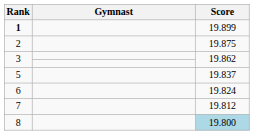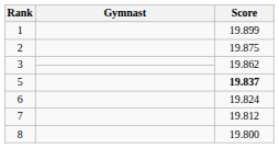 <table class="wikitable" style="text-align:center">
 <tr>
 <th>Rank</th>
 <th style="width:16em">Gymnast</th>
 <th style="width:5em">Score</th>
 </tr>
 <tr>
-<td><strong>1</strong></td>
+<td>1</td>
 <td align=left></td>
 <td>19.899</td>
 </tr>
 <tr>
 <td>2</td>
 <td align=left></td>
 <td>19.875</td>
 </tr>
 <tr>
 <td rowspan=2>3</td>
 <td align=left></td>
 <td rowspan=2>19.862</td>
 </tr>
 <tr>
 <td align=left></td>
 </tr>
 <tr>
 <td>5</td>
 <td align=left></td>
-<td>19.837</td>
+<td><strong>19.837</strong></td>
 </tr>
 <tr>
 <td>6</td>
 <td align=left></td>
 <td>19.824</td>
 </tr>
 <tr>
 <td>7</td>
 <td align=left></td>
 <td>19.812</td>
 </tr>
 <tr>
 <td>8</td>
 <td align=left></td>
-<td style="background: lightblue;">19.800</td>
+<td>19.800</td>
 </tr>
 </table>
